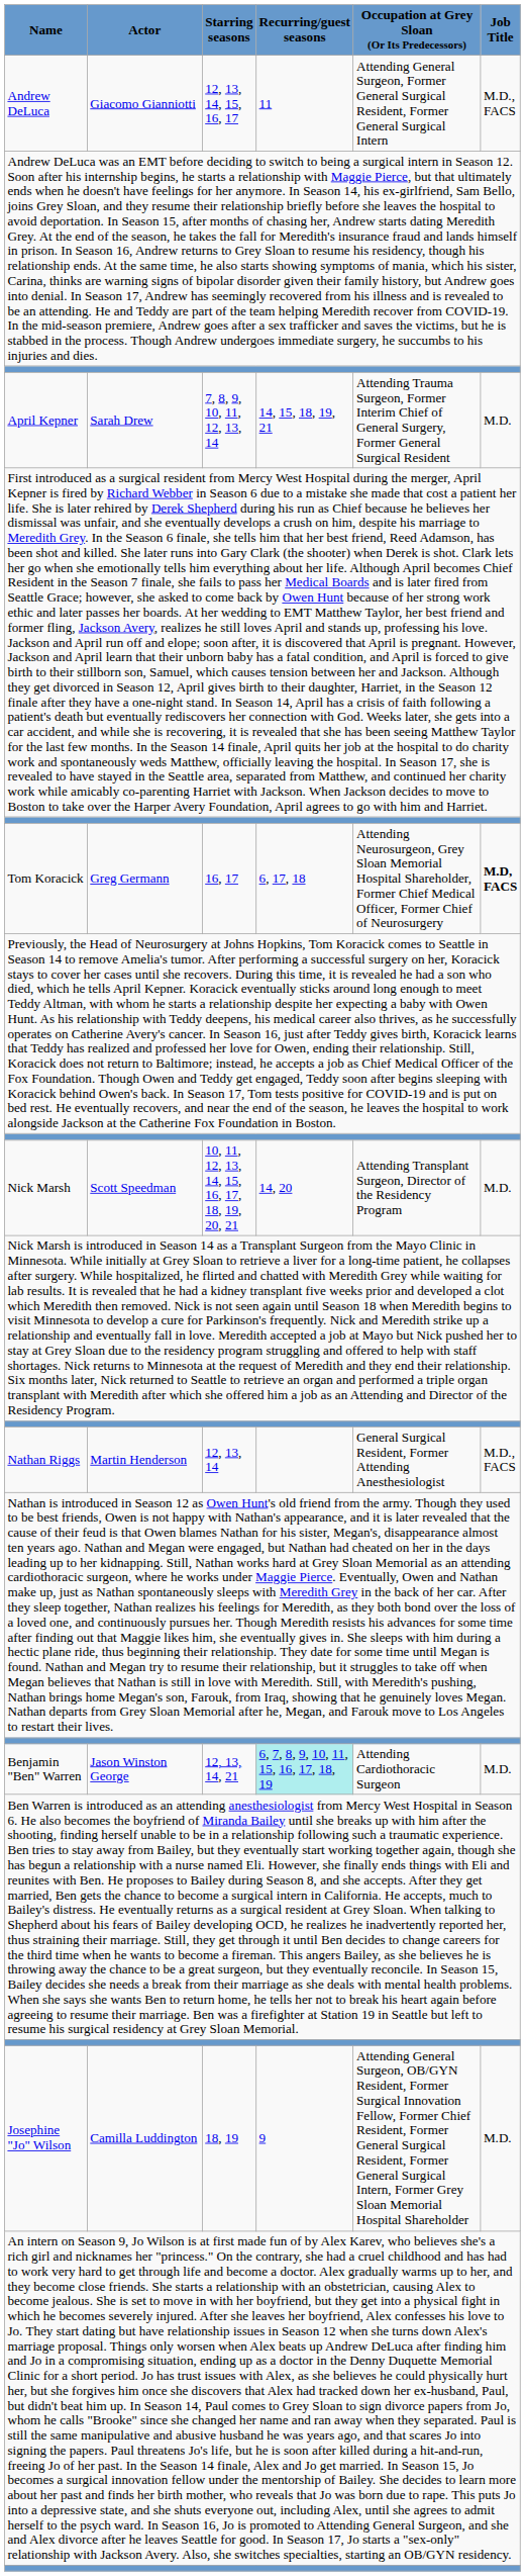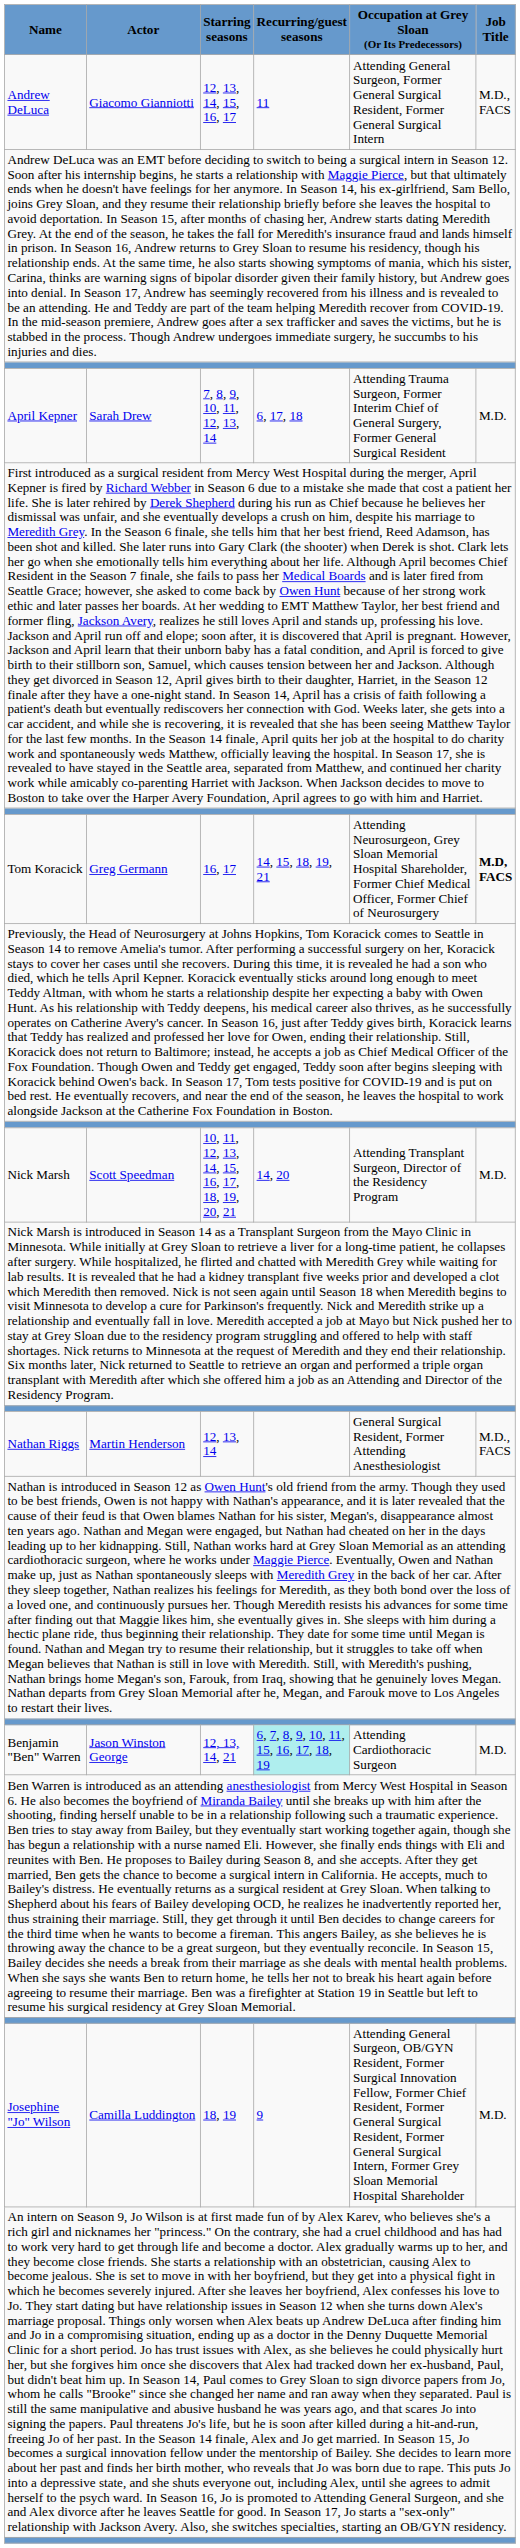 <table class="wikitable" style="width:100%; margin-right:auto;">
 <tr>
 <th style="background-color:#6699CC; width:20%">Name</th>
 <th style="background-color:#6699CC; width:30%">Actor</th>
 <th style="background-color:#6699CC; width:10%">Starring seasons</th>
 <th style="background-color:#6699CC; width:10%">Recurring/guest seasons</th>
 <th style="background-color:#6699CC; width:30%">Occupation at Grey Sloan<br><small>(Or Its Predecessors)</small></th>
 <th style="background-color:#6699CC; width:30%">Job Title</th>
 </tr>
 <tr>
 <td><a href='#'>Andrew DeLuca</a></td>
 <td><a href='#'>Giacomo Gianniotti</a></td>
 <td><a href='#'>12</a>, <a href='#'>13</a>, <a href='#'>14</a>, <a href='#'>15</a>, <a href='#'>16</a>, <a href='#'>17</a></td>
 <td><a href='#'>11</a></td>
 <td>Attending General Surgeon, Former General Surgical Resident, Former General Surgical Intern</td>
 <td>M.D., FACS</td>
 </tr>
 <tr>
 <td colspan="7">Andrew DeLuca was an EMT before deciding to switch to being a surgical intern in Season 12. Soon after his internship begins, he starts a relationship with <a href='#'>Maggie Pierce</a>, but that ultimately ends when he doesn't have feelings for her anymore. In Season 14, his ex-girlfriend, Sam Bello, joins Grey Sloan, and they resume their relationship briefly before she leaves the hospital to avoid deportation. In Season 15, after months of chasing her, Andrew starts dating Meredith Grey. At the end of the season, he takes the fall for Meredith's insurance fraud and lands himself in prison. In Season 16, Andrew returns to Grey Sloan to resume his residency, though his relationship ends. At the same time, he also starts showing symptoms of mania, which his sister, Carina, thinks are warning signs of bipolar disorder given their family history, but Andrew goes into denial. In Season 17, Andrew has seemingly recovered from his illness and is revealed to be an attending. He and Teddy are part of the team helping Meredith recover from COVID-19. In the mid-season premiere, Andrew goes after a sex trafficker and saves the victims, but he is stabbed in the process. Though Andrew undergoes immediate surgery, he succumbs to his injuries and dies.</td>
 </tr>
 <tr>
 <td colspan="6" bgcolor="#6699CC"></td>
 </tr>
 <tr>
 <td><a href='#'>April Kepner</a></td>
 <td><a href='#'>Sarah Drew</a></td>
 <td><a href='#'>7</a>, <a href='#'>8</a>, <a href='#'>9</a>, <a href='#'>10</a>, <a href='#'>11</a>, <a href='#'>12</a>, <a href='#'>13</a>, <a href='#'>14</a></td>
-<td><a href='#'>14</a>, <a href='#'>15</a>, <a href='#'>18</a>, <a href='#'>19</a>, <a href='#'>21</a></td>
+<td><a href='#'>6</a>, <a href='#'>17</a>, <a href='#'>18</a></td>
 <td>Attending Trauma Surgeon, Former Interim Chief of General Surgery, Former General Surgical Resident</td>
 <td>M.D.</td>
 </tr>
 <tr>
 <td colspan="6">First introduced as a surgical resident from Mercy West Hospital during the merger, April Kepner is fired by <a href='#'>Richard Webber</a> in Season 6 due to a mistake she made that cost a patient her life. She is later rehired by <a href='#'>Derek Shepherd</a> during his run as Chief because he believes her dismissal was unfair, and she eventually develops a crush on him, despite his marriage to <a href='#'>Meredith Grey</a>. In the Season 6 finale, she tells him that her best friend, Reed Adamson, has been shot and killed. She later runs into Gary Clark (the shooter) when Derek is shot. Clark lets her go when she emotionally tells him everything about her life. Although April becomes Chief Resident in the Season 7 finale, she fails to pass her <a href='#'>Medical Boards</a> and is later fired from Seattle Grace; however, she asked to come back by <a href='#'>Owen Hunt</a> because of her strong work ethic and later passes her boards. At her wedding to EMT Matthew Taylor, her best friend and former fling, <a href='#'>Jackson Avery</a>, realizes he still loves April and stands up, professing his love. Jackson and April run off and elope; soon after, it is discovered that April is pregnant. However, Jackson and April learn that their unborn baby has a fatal condition, and April is forced to give birth to their stillborn son, Samuel, which causes tension between her and Jackson. Although they get divorced in Season 12, April gives birth to their daughter, Harriet, in the Season 12 finale after they have a one-night stand. In Season 14, April has a crisis of faith following a patient's death but eventually rediscovers her connection with God. Weeks later, she gets into a car accident, and while she is recovering, it is revealed that she has been seeing Matthew Taylor for the last few months. In the Season 14 finale, April quits her job at the hospital to do charity work and spontaneously weds Matthew, officially leaving the hospital. In Season 17, she is revealed to have stayed in the Seattle area, separated from Matthew, and continued her charity work while amicably co-parenting Harriet with Jackson. When Jackson decides to move to Boston to take over the Harper Avery Foundation, April agrees to go with him and Harriet.</td>
 </tr>
 <tr>
 <td colspan="6" bgcolor="#6699CC"></td>
 </tr>
 <tr>
 <td>Tom Koracick</td>
 <td><a href='#'>Greg Germann</a></td>
 <td><a href='#'>16</a>, <a href='#'>17</a></td>
-<td><a href='#'>6</a>, <a href='#'>17</a>, <a href='#'>18</a></td>
+<td><a href='#'>14</a>, <a href='#'>15</a>, <a href='#'>18</a>, <a href='#'>19</a>, <a href='#'>21</a></td>
 <td>Attending Neurosurgeon, Grey Sloan Memorial Hospital Shareholder, Former Chief Medical Officer, Former Chief of Neurosurgery</td>
 <td><strong>M.D, FACS</strong></td>
 </tr>
 <tr>
 <td colspan="7">Previously, the Head of Neurosurgery at Johns Hopkins, Tom Koracick comes to Seattle in Season 14 to remove Amelia's tumor. After performing a successful surgery on her, Koracick stays to cover her cases until she recovers. During this time, it is revealed he had a son who died, which he tells April Kepner. Koracick eventually sticks around long enough to meet Teddy Altman, with whom he starts a relationship despite her expecting a baby with Owen Hunt. As his relationship with Teddy deepens, his medical career also thrives, as he successfully operates on Catherine Avery's cancer. In Season 16, just after Teddy gives birth, Koracick learns that Teddy has realized and professed her love for Owen, ending their relationship. Still, Koracick does not return to Baltimore; instead, he accepts a job as Chief Medical Officer of the Fox Foundation. Though Owen and Teddy get engaged, Teddy soon after begins sleeping with Koracick behind Owen's back. In Season 17, Tom tests positive for COVID-19 and is put on bed rest. He eventually recovers, and near the end of the season, he leaves the hospital to work alongside Jackson at the Catherine Fox Foundation in Boston.</td>
 </tr>
 <tr>
 <td colspan="6" bgcolor="#6699CC"></td>
 </tr>
 <tr>
 <td>Nick Marsh</td>
 <td><a href='#'>Scott Speedman</a></td>
 <td><a href='#'>10</a>, <a href='#'>11</a>, <a href='#'>12</a>, <a href='#'>13</a>, <a href='#'>14</a>, <a href='#'>15</a>, <a href='#'>16</a>, <a href='#'>17</a>, <a href='#'>18</a>, <a href='#'>19</a>, <a href='#'>20</a>, <a href='#'>21</a></td>
 <td><a href='#'>14</a>, <a href='#'>20</a></td>
 <td>Attending Transplant Surgeon, Director of the Residency Program</td>
 <td>M.D.</td>
 </tr>
 <tr>
 <td colspan="7">Nick Marsh is introduced in Season 14 as a Transplant Surgeon from the Mayo Clinic in Minnesota. While initially at Grey Sloan to retrieve a liver for a long-time patient, he collapses after surgery. While hospitalized, he flirted and chatted with Meredith Grey while waiting for lab results. It is revealed that he had a kidney transplant five weeks prior and developed a clot which Meredith then removed. Nick is not seen again until Season 18 when Meredith begins to visit Minnesota to develop a cure for Parkinson's frequently. Nick and Meredith strike up a relationship and eventually fall in love. Meredith accepted a job at Mayo but Nick pushed her to stay at Grey Sloan due to the residency program struggling and offered to help with staff shortages. Nick returns to Minnesota at the request of Meredith and they end their relationship. Six months later, Nick returned to Seattle to retrieve an organ and performed a triple organ transplant with Meredith after which she offered him a job as an Attending and Director of the Residency Program.</td>
 </tr>
 <tr>
 <td colspan="6" bgcolor="#6699CC"></td>
 </tr>
 <tr>
 <td><a href='#'>Nathan Riggs</a></td>
 <td><a href='#'>Martin Henderson</a></td>
 <td><a href='#'>12</a>, <a href='#'>13</a>, <a href='#'>14</a></td>
 <td></td>
 <td>General Surgical Resident, Former Attending Anesthesiologist</td>
 <td>M.D., FACS</td>
 </tr>
 <tr>
 <td colspan="6">Nathan is introduced in Season 12 as <a href='#'>Owen Hunt</a>'s old friend from the army. Though they used to be best friends, Owen is not happy with Nathan's appearance, and it is later revealed that the cause of their feud is that Owen blames Nathan for his sister, Megan's, disappearance almost ten years ago. Nathan and Megan were engaged, but Nathan had cheated on her in the days leading up to her kidnapping. Still, Nathan works hard at Grey Sloan Memorial as an attending cardiothoracic surgeon, where he works under <a href='#'>Maggie Pierce</a>. Eventually, Owen and Nathan make up, just as Nathan spontaneously sleeps with <a href='#'>Meredith Grey</a> in the back of her car. After they sleep together, Nathan realizes his feelings for Meredith, as they both bond over the loss of a loved one, and continuously pursues her. Though Meredith resists his advances for some time after finding out that Maggie likes him, she eventually gives in. She sleeps with him during a hectic plane ride, thus beginning their relationship. They date for some time until Megan is found. Nathan and Megan try to resume their relationship, but it struggles to take off when Megan believes that Nathan is still in love with Meredith. Still, with Meredith's pushing, Nathan brings home Megan's son, Farouk, from Iraq, showing that he genuinely loves Megan. Nathan departs from Grey Sloan Memorial after he, Megan, and Farouk move to Los Angeles to restart their lives.</td>
 </tr>
 <tr>
 <td colspan="6" bgcolor="#6699CC"></td>
 </tr>
 <tr>
 <td>Benjamin "Ben" Warren</td>
 <td><a href='#'>Jason Winston George</a></td>
 <td><a href='#'>12, 13, 14</a>, <a href='#'>21</a></td>
 <td style="background: paleturquoise;"><a href='#'>6</a>, <a href='#'>7</a>, <a href='#'>8</a>, <a href='#'>9</a>, <a href='#'>10</a>, <a href='#'>11</a>, <a href='#'>15</a>, <a href='#'>16</a>, <a href='#'>17</a>, <a href='#'>18</a>, <a href='#'>19</a></td>
 <td>Attending Cardiothoracic Surgeon</td>
 <td>M.D.</td>
 </tr>
 <tr>
 <td colspan="6">Ben Warren is introduced as an attending <a href='#'>anesthesiologist</a> from Mercy West Hospital in Season 6. He also becomes the boyfriend of <a href='#'>Miranda Bailey</a> until she breaks up with him after the shooting, finding herself unable to be in a relationship following such a traumatic experience. Ben tries to stay away from Bailey, but they eventually start working together again, though she has begun a relationship with a nurse named Eli. However, she finally ends things with Eli and reunites with Ben. He proposes to Bailey during Season 8, and she accepts. After they get married, Ben gets the chance to become a surgical intern in California. He accepts, much to Bailey's distress. He eventually returns as a surgical resident at Grey Sloan. When talking to Shepherd about his fears of Bailey developing OCD, he realizes he inadvertently reported her, thus straining their marriage. Still, they get through it until Ben decides to change careers for the third time when he wants to become a fireman. This angers Bailey, as she believes he is throwing away the chance to be a great surgeon, but they eventually reconcile. In Season 15, Bailey decides she needs a break from their marriage as she deals with mental health problems. When she says she wants Ben to return home, he tells her not to break his heart again before agreeing to resume their marriage. Ben was a firefighter at Station 19 in Seattle but left to resume his surgical residency at Grey Sloan Memorial.</td>
 </tr>
 <tr>
 <td colspan="6" bgcolor="#6699CC"></td>
 </tr>
 <tr>
 <td><a href='#'>Josephine "Jo" Wilson</a></td>
 <td><a href='#'>Camilla Luddington</a></td>
 <td><a href='#'>18</a>, <a href='#'>19</a></td>
 <td><a href='#'>9</a></td>
 <td>Attending General Surgeon, OB/GYN Resident, Former Surgical Innovation Fellow, Former Chief Resident, Former General Surgical Resident, Former General Surgical Intern, Former Grey Sloan Memorial Hospital Shareholder</td>
 <td>M.D.</td>
 </tr>
 <tr>
 <td colspan="6">An intern on Season 9, Jo Wilson is at first made fun of by Alex Karev, who believes she's a rich girl and nicknames her "princess." On the contrary, she had a cruel childhood and has had to work very hard to get through life and become a doctor. Alex gradually warms up to her, and they become close friends. She starts a relationship with an obstetrician, causing Alex to become jealous. She is set to move in with her boyfriend, but they get into a physical fight in which he becomes severely injured. After she leaves her boyfriend, Alex confesses his love to Jo. They start dating but have relationship issues in Season 12 when she turns down Alex's marriage proposal. Things only worsen when Alex beats up Andrew DeLuca after finding him and Jo in a compromising situation, ending up as a doctor in the Denny Duquette Memorial Clinic for a short period. Jo has trust issues with Alex, as she believes he could physically hurt her, but she forgives him once she discovers that Alex had tracked down her ex-husband, Paul, but didn't beat him up. In Season 14, Paul comes to Grey Sloan to sign divorce papers from Jo, whom he calls "Brooke" since she changed her name and ran away when they separated. Paul is still the same manipulative and abusive husband he was years ago, and that scares Jo into signing the papers. Paul threatens Jo's life, but he is soon after killed during a hit-and-run, freeing Jo of her past. In the Season 14 finale, Alex and Jo get married. In Season 15, Jo becomes a surgical innovation fellow under the mentorship of Bailey. She decides to learn more about her past and finds her birth mother, who reveals that Jo was born due to rape. This puts Jo into a depressive state, and she shuts everyone out, including Alex, until she agrees to admit herself to the psych ward. In Season 16, Jo is promoted to Attending General Surgeon, and she and Alex divorce after he leaves Seattle for good. In Season 17, Jo starts a "sex-only" relationship with Jackson Avery. Also, she switches specialties, starting an OB/GYN residency.</td>
 </tr>
 <tr>
 <td colspan="6" bgcolor="#6699CC"></td>
 </tr>
 </table>
